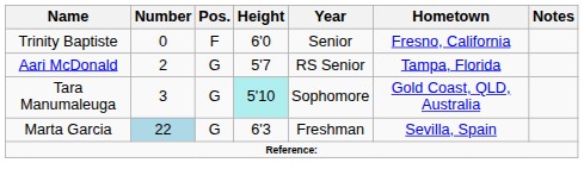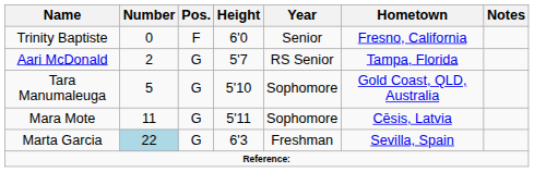 <table class="wikitable sortable sortable" style="text-align: center">
 <tr align=center>
 <th>Name</th>
 <th>Number</th>
 <th>Pos.</th>
 <th>Height</th>
 <th>Year</th>
 <th>Hometown</th>
 <th>Notes</th>
 </tr>
 <tr>
 <td>Trinity Baptiste</td>
 <td>0</td>
 <td>F</td>
 <td>6'0</td>
 <td>Senior</td>
 <td><a href='#'>Fresno, California</a></td>
 <td></td>
 </tr>
 <tr>
 <td><a href='#'>Aari McDonald</a></td>
 <td>2</td>
 <td>G</td>
 <td>5'7</td>
 <td>RS Senior</td>
 <td><a href='#'>Tampa, Florida</a></td>
 <td></td>
 </tr>
 <tr>
 <td>Tara Manumaleuga</td>
-<td>3</td>
+<td>5</td>
 <td>G</td>
-<td style="background: paleturquoise;">5'10</td>
+<td>5'10</td>
 <td>Sophomore</td>
 <td><a href='#'>Gold Coast, QLD, Australia</a></td>
+<td></td>
+</tr>
+<tr>
+<td>Mara Mote</td>
+<td>11</td>
+<td>G</td>
+<td>5'11</td>
+<td>Sophomore</td>
+<td><a href='#'>Cēsis, Latvia</a></td>
 <td></td>
 </tr>
 <tr>
 <td>Marta Garcia</td>
 <td style="background: lightblue;">22</td>
 <td>G</td>
 <td>6'3</td>
 <td>Freshman</td>
 <td><a href='#'>Sevilla, Spain</a></td>
 <td></td>
 </tr>
 <tr>
 <td colspan="7" style="font-size:8pt; text-align:center;"><strong>Reference:</strong></td>
 </tr>
 </table>
